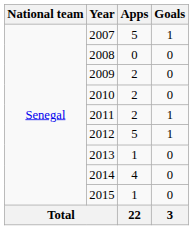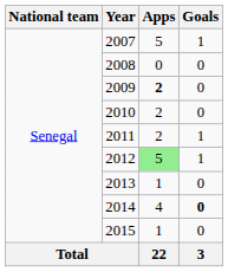 <table class="wikitable" style="text-align:center">
 <tr>
 <th>National team</th>
 <th>Year</th>
 <th>Apps</th>
 <th>Goals</th>
 </tr>
 <tr>
 <td rowspan="9" valign="center"><a href='#'>Senegal</a></td>
 <td>2007</td>
 <td>5</td>
 <td>1</td>
 </tr>
 <tr>
 <td>2008</td>
 <td>0</td>
 <td>0</td>
 </tr>
 <tr>
 <td>2009</td>
-<td>2</td>
+<td><strong>2</strong></td>
 <td>0</td>
 </tr>
 <tr>
 <td>2010</td>
 <td>2</td>
 <td>0</td>
 </tr>
 <tr>
 <td>2011</td>
 <td>2</td>
 <td>1</td>
 </tr>
 <tr>
 <td>2012</td>
-<td>5</td>
+<td style="background: lightgreen;">5</td>
 <td>1</td>
 </tr>
 <tr>
 <td>2013</td>
 <td>1</td>
 <td>0</td>
 </tr>
 <tr>
 <td>2014</td>
 <td>4</td>
-<td>0</td>
+<td><strong>0</strong></td>
 </tr>
 <tr>
 <td>2015</td>
 <td>1</td>
 <td>0</td>
 </tr>
 <tr>
 <th colspan="2">Total</th>
 <th>22</th>
 <th>3</th>
 </tr>
 </table>
